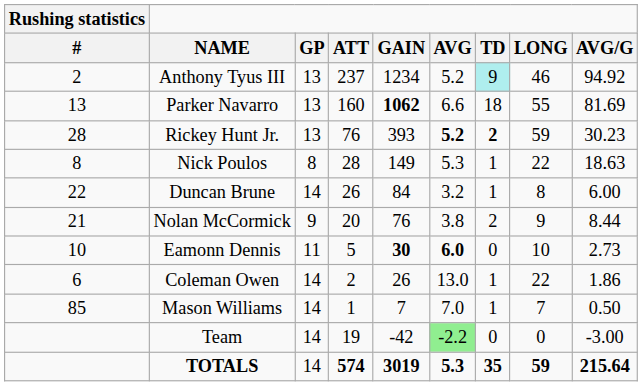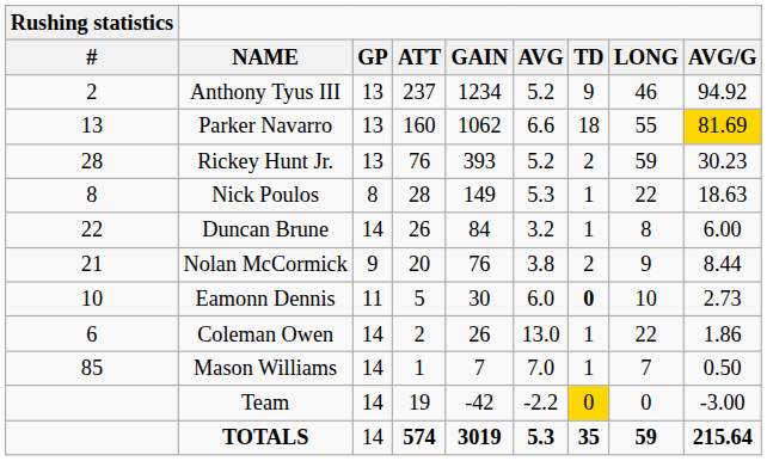 <table class="wikitable sortable" style="text-align:center;">
 <tr>
 <th style="text-align:center; ">Rushing statistics</th>
 </tr>
 <tr>
 <th>#</th>
 <th>NAME</th>
 <th>GP</th>
 <th>ATT</th>
 <th>GAIN</th>
 <th>AVG</th>
 <th>TD</th>
 <th>LONG</th>
 <th>AVG/G</th>
 </tr>
 <tr>
 <td>2</td>
 <td>Anthony Tyus III</td>
 <td>13</td>
 <td>237</td>
 <td>1234</td>
 <td>5.2</td>
-<td style="background: paleturquoise;">9</td>
+<td>9</td>
 <td>46</td>
 <td>94.92</td>
 </tr>
 <tr>
 <td>13</td>
 <td>Parker Navarro</td>
 <td>13</td>
 <td>160</td>
-<td><strong>1062</strong></td>
+<td>1062</td>
 <td>6.6</td>
 <td>18</td>
 <td>55</td>
-<td>81.69</td>
+<td style="background: gold;">81.69</td>
 </tr>
 <tr>
 <td>28</td>
 <td>Rickey Hunt Jr.</td>
 <td>13</td>
 <td>76</td>
 <td>393</td>
-<td><strong>5.2</strong></td>
-<td><strong>2</strong></td>
+<td>5.2</td>
+<td>2</td>
 <td>59</td>
 <td>30.23</td>
 </tr>
 <tr>
 <td>8</td>
 <td>Nick Poulos</td>
 <td>8</td>
 <td>28</td>
 <td>149</td>
 <td>5.3</td>
 <td>1</td>
 <td>22</td>
 <td>18.63</td>
 </tr>
 <tr>
 <td>22</td>
 <td>Duncan Brune</td>
 <td>14</td>
 <td>26</td>
 <td>84</td>
 <td>3.2</td>
 <td>1</td>
 <td>8</td>
 <td>6.00</td>
 </tr>
 <tr>
 <td>21</td>
 <td>Nolan McCormick</td>
 <td>9</td>
 <td>20</td>
 <td>76</td>
 <td>3.8</td>
 <td>2</td>
 <td>9</td>
 <td>8.44</td>
 </tr>
 <tr>
 <td>10</td>
 <td>Eamonn Dennis</td>
 <td>11</td>
 <td>5</td>
-<td><strong>30</strong></td>
-<td><strong>6.0</strong></td>
-<td>0</td>
+<td>30</td>
+<td>6.0</td>
+<td><strong>0</strong></td>
 <td>10</td>
 <td>2.73</td>
 </tr>
 <tr>
 <td>6</td>
 <td>Coleman Owen</td>
 <td>14</td>
 <td>2</td>
 <td>26</td>
 <td>13.0</td>
 <td>1</td>
 <td>22</td>
 <td>1.86</td>
 </tr>
 <tr>
 <td>85</td>
 <td>Mason Williams</td>
 <td>14</td>
 <td>1</td>
 <td>7</td>
 <td>7.0</td>
 <td>1</td>
 <td>7</td>
 <td>0.50</td>
 </tr>
 <tr>
 <td></td>
 <td>Team</td>
 <td>14</td>
 <td>19</td>
 <td>-42</td>
-<td style="background: lightgreen;">-2.2</td>
-<td>0</td>
+<td>-2.2</td>
+<td style="background: gold;">0</td>
 <td>0</td>
 <td>-3.00</td>
 </tr>
 <tr>
 <td></td>
 <td><strong>TOTALS</strong></td>
 <td>14</td>
 <td><strong>574</strong></td>
 <td><strong>3019</strong></td>
 <td><strong>5.3</strong></td>
 <td><strong>35</strong></td>
 <td><strong>59</strong></td>
 <td><strong>215.64</strong></td>
 </tr>
 </table>
